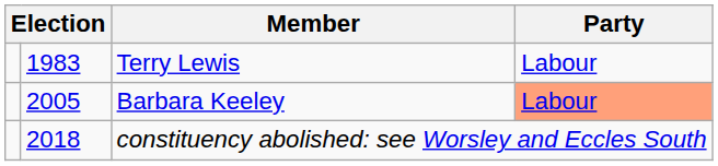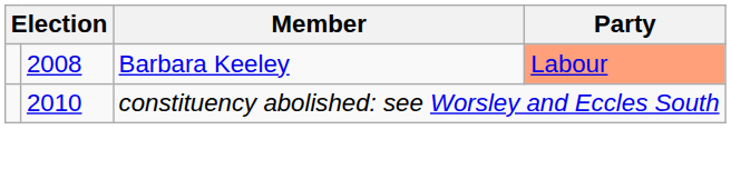 <table class="wikitable">
 <tr>
 <th colspan="2">Election</th>
 <th>Member</th>
 <th>Party</th>
 </tr>
 <tr>
 <td style="color:inherit;background-color: "></td>
-<td><a href='#'>1983</a></td>
-<td><a href='#'>Terry Lewis</a></td>
-<td><a href='#'>Labour</a></td>
-</tr>
-<tr>
-<td style="color:inherit;background-color: "></td>
-<td><a href='#'>2005</a></td>
+<td><a href='#'>2008</a></td>
 <td><a href='#'>Barbara Keeley</a></td>
 <td style="background: lightsalmon;"><a href='#'>Labour</a></td>
 </tr>
 <tr>
 <td></td>
-<td><a href='#'>2018</a></td>
+<td><a href='#'>2010</a></td>
 <td colspan="2"><em>constituency abolished: see <a href='#'>Worsley and Eccles South</a></em></td>
 </tr>
 </table>
